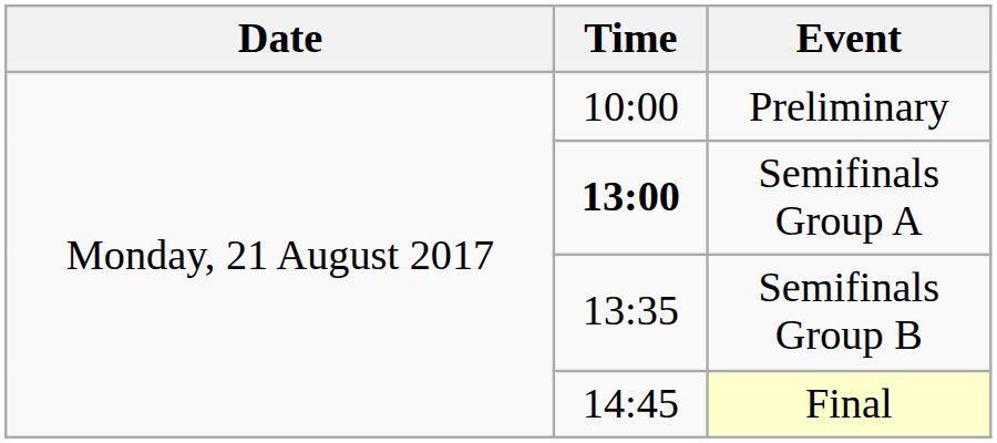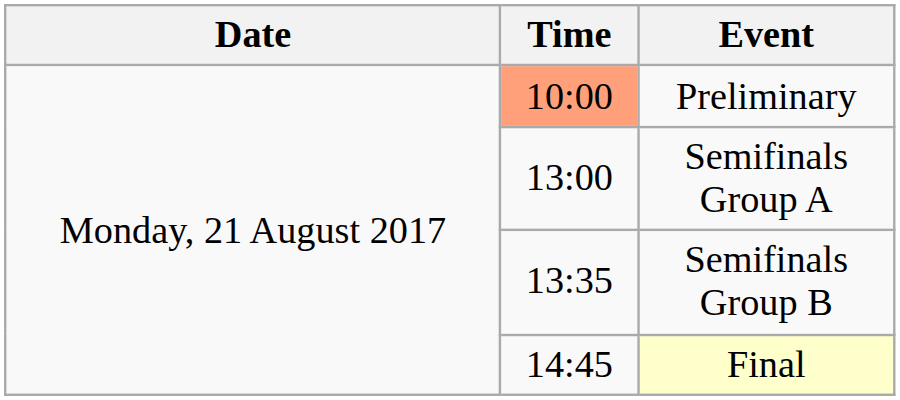 <table class = "wikitable" style="text-align:center;">
 <tr>
 <th width=200>Date</th>
 <th width=50>Time</th>
 <th width=100>Event</th>
 </tr>
 <tr>
 <td rowspan=4>Monday, 21 August 2017</td>
-<td>10:00</td>
+<td style="background: lightsalmon;">10:00</td>
 <td>Preliminary</td>
 </tr>
 <tr>
-<td><strong>13:00</strong></td>
+<td>13:00</td>
 <td>Semifinals Group A</td>
 </tr>
 <tr>
 <td>13:35</td>
 <td>Semifinals Group B</td>
 </tr>
 <tr>
 <td>14:45</td>
 <td bgcolor=ffffcc>Final</td>
 </tr>
 </table>
